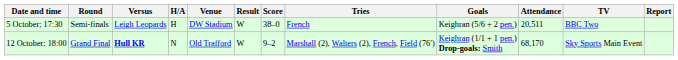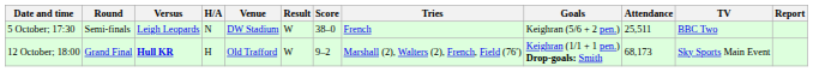 <table class="wikitable" style="font-size:85%;">
 <tr>
 <th>Date and time</th>
 <th>Round</th>
 <th>Versus</th>
 <th>H/A</th>
 <th>Venue</th>
 <th>Result</th>
 <th>Score</th>
 <th>Tries</th>
 <th>Goals</th>
 <th>Attendance</th>
 <th>TV</th>
 <th>Report</th>
 </tr>
 <tr style="background:#ddffdd">
 <td>5 October; 17:30</td>
 <td>Semi-finals</td>
 <td> <a href='#'>Leigh Leopards</a></td>
-<td>H</td>
+<td>N</td>
 <td><a href='#'>DW Stadium</a></td>
 <td>W</td>
 <td>38–0</td>
 <td><a href='#'>French</a></td>
 <td>Keighran (5/6 + 2 <a href='#'>pen.</a>)</td>
-<td>20,511</td>
+<td>25,511</td>
 <td><a href='#'>BBC Two</a></td>
 <td></td>
 </tr>
 <tr style="background:#ddffdd">
 <td>12 October; 18:00</td>
 <td><a href='#'>Grand Final</a></td>
 <td><strong> <a href='#'>Hull KR</a></strong></td>
-<td>N</td>
+<td>H</td>
 <td><a href='#'>Old Trafford</a></td>
 <td>W</td>
 <td>9–2</td>
 <td><a href='#'>Marshall</a> (2), <a href='#'>Walters</a> (2), <a href='#'>French</a>, <a href='#'>Field</a> (76′)</td>
 <td><a href='#'>Keighran</a> (1/1 + 1 <a href='#'>pen.</a>)<br><strong>Drop-goals:</strong> <a href='#'>Smith</a></td>
-<td>68,170</td>
+<td>68,173</td>
 <td><a href='#'>Sky Sports</a> Main Event</td>
 <td></td>
 </tr>
 </table>
